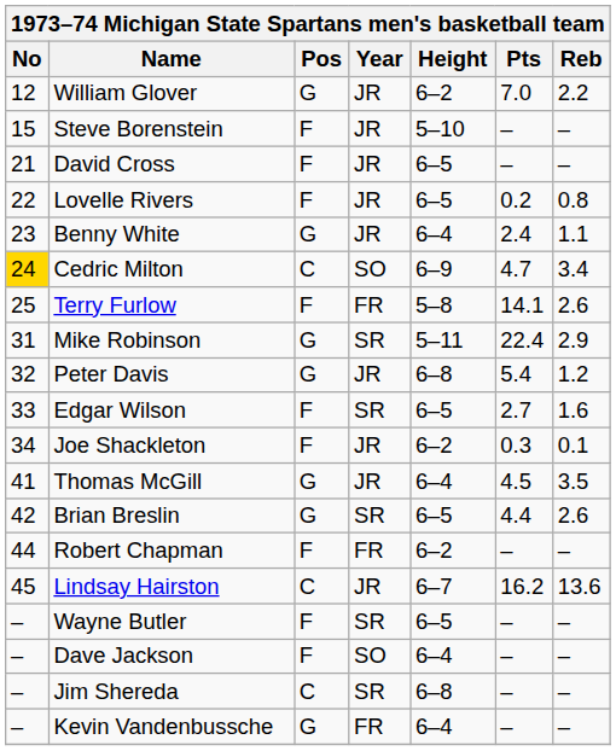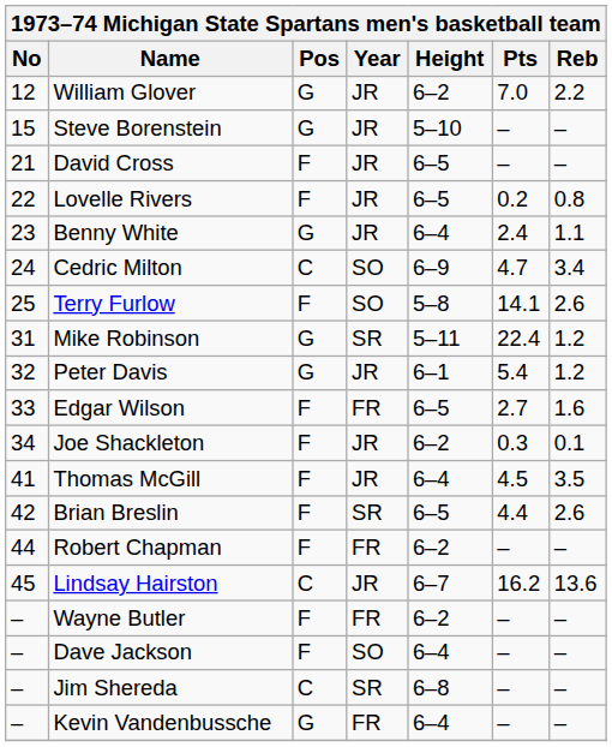 <table class="wikitable sortable" style="font-size: 90%" |->
 <tr>
 <th colspan=9 style=>1973–74 Michigan State Spartans men's basketball team</th>
 </tr>
 <tr>
 <th style="background:#">No</th>
 <th style="background:#">Name</th>
 <th style="background:#">Pos</th>
 <th style="background:#">Year</th>
 <th style="background:#">Height</th>
 <th style="background:#">Pts</th>
 <th style="background:#">Reb</th>
 </tr>
 <tr>
 <td>12</td>
 <td>William Glover</td>
 <td>G</td>
 <td>JR</td>
 <td>6–2</td>
 <td>7.0</td>
 <td>2.2</td>
 </tr>
 <tr>
 <td>15</td>
 <td>Steve Borenstein</td>
-<td>F</td>
+<td>G</td>
 <td>JR</td>
 <td>5–10</td>
 <td>–</td>
 <td>–</td>
 </tr>
 <tr>
 <td>21</td>
 <td>David Cross</td>
 <td>F</td>
 <td>JR</td>
 <td>6–5</td>
 <td>–</td>
 <td>–</td>
 </tr>
 <tr>
 <td>22</td>
 <td>Lovelle Rivers</td>
 <td>F</td>
 <td>JR</td>
 <td>6–5</td>
 <td>0.2</td>
 <td>0.8</td>
 </tr>
 <tr>
 <td>23</td>
 <td>Benny White</td>
 <td>G</td>
 <td>JR</td>
 <td>6–4</td>
 <td>2.4</td>
 <td>1.1</td>
 </tr>
 <tr>
-<td style="background: gold;">24</td>
+<td>24</td>
 <td>Cedric Milton</td>
 <td>C</td>
 <td>SO</td>
 <td>6–9</td>
 <td>4.7</td>
 <td>3.4</td>
 </tr>
 <tr>
 <td>25</td>
 <td><a href='#'>Terry Furlow</a></td>
 <td>F</td>
-<td>FR</td>
+<td>SO</td>
 <td>5–8</td>
 <td>14.1</td>
 <td>2.6</td>
 </tr>
 <tr>
 <td>31</td>
 <td>Mike Robinson</td>
 <td>G</td>
 <td>SR</td>
 <td>5–11</td>
 <td>22.4</td>
-<td>2.9</td>
+<td>1.2</td>
 </tr>
 <tr>
 <td>32</td>
 <td>Peter Davis</td>
 <td>G</td>
 <td>JR</td>
-<td>6–8</td>
+<td>6–1</td>
 <td>5.4</td>
 <td>1.2</td>
 </tr>
 <tr>
 <td>33</td>
 <td>Edgar Wilson</td>
 <td>F</td>
-<td>SR</td>
+<td>FR</td>
 <td>6–5</td>
 <td>2.7</td>
 <td>1.6</td>
 </tr>
 <tr>
 <td>34</td>
 <td>Joe Shackleton</td>
 <td>F</td>
 <td>JR</td>
 <td>6–2</td>
 <td>0.3</td>
 <td>0.1</td>
 </tr>
 <tr>
 <td>41</td>
 <td>Thomas McGill</td>
-<td>G</td>
+<td>F</td>
 <td>JR</td>
 <td>6–4</td>
 <td>4.5</td>
 <td>3.5</td>
 </tr>
 <tr>
 <td>42</td>
 <td>Brian Breslin</td>
-<td>G</td>
+<td>F</td>
 <td>SR</td>
 <td>6–5</td>
 <td>4.4</td>
 <td>2.6</td>
 </tr>
 <tr>
 <td>44</td>
 <td>Robert Chapman</td>
 <td>F</td>
 <td>FR</td>
 <td>6–2</td>
 <td>–</td>
 <td>–</td>
 </tr>
 <tr>
 <td>45</td>
 <td><a href='#'>Lindsay Hairston</a></td>
 <td>C</td>
 <td>JR</td>
 <td>6–7</td>
 <td>16.2</td>
 <td>13.6</td>
 </tr>
 <tr>
 <td>–</td>
 <td>Wayne Butler</td>
 <td>F</td>
-<td>SR</td>
-<td>6–5</td>
+<td>FR</td>
+<td>6–2</td>
 <td>–</td>
 <td>–</td>
 </tr>
 <tr>
 <td>–</td>
 <td>Dave Jackson</td>
 <td>F</td>
 <td>SO</td>
 <td>6–4</td>
 <td>–</td>
 <td>–</td>
 </tr>
 <tr>
 <td>–</td>
 <td>Jim Shereda</td>
 <td>C</td>
 <td>SR</td>
 <td>6–8</td>
 <td>–</td>
 <td>–</td>
 </tr>
 <tr>
 <td>–</td>
 <td>Kevin Vandenbussche</td>
 <td>G</td>
 <td>FR</td>
 <td>6–4</td>
 <td>–</td>
 <td>–</td>
 </tr>
 <tr>
 </tr>
 </table>
